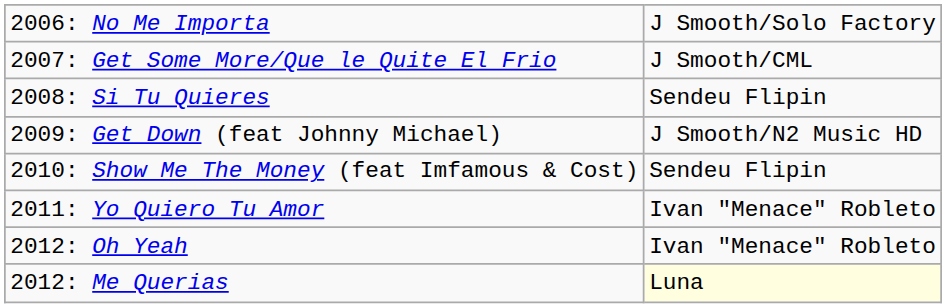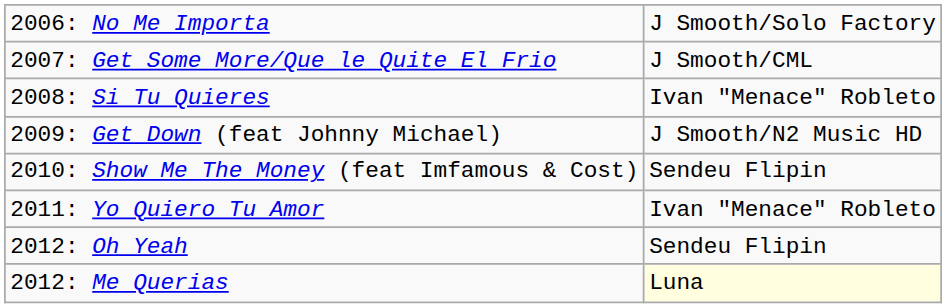 <table class="wikitable">
 <tr>
 <td>2006: <em><a href='#'>No Me Importa</a></em></td>
 <td>J Smooth/Solo Factory</td>
 </tr>
 <tr>
 <td>2007: <em><a href='#'>Get Some More/Que le Quite El Frio</a></em></td>
 <td>J Smooth/CML</td>
 </tr>
 <tr>
 <td>2008:  <em><a href='#'>Si Tu Quieres</a></em></td>
-<td>Sendeu Flipin</td>
+<td>Ivan "Menace" Robleto</td>
 </tr>
 <tr>
 <td>2009:  <em><a href='#'>Get Down</a></em> (feat Johnny Michael)</td>
 <td>J Smooth/N2 Music HD</td>
 </tr>
 <tr>
 <td>2010:  <em><a href='#'>Show Me The Money</a></em> (feat Imfamous & Cost)</td>
 <td>Sendeu Flipin</td>
 </tr>
 <tr>
 <td>2011:  <em><a href='#'>Yo Quiero Tu Amor</a></em></td>
 <td>Ivan "Menace" Robleto</td>
 </tr>
 <tr>
 <td>2012:  <em><a href='#'>Oh Yeah</a></em></td>
-<td>Ivan "Menace" Robleto</td>
+<td>Sendeu Flipin</td>
 </tr>
 <tr>
 <td>2012:  <em><a href='#'>Me Querias</a></em></td>
 <td style="background: lightyellow;">Luna</td>
 </tr>
 </table>
